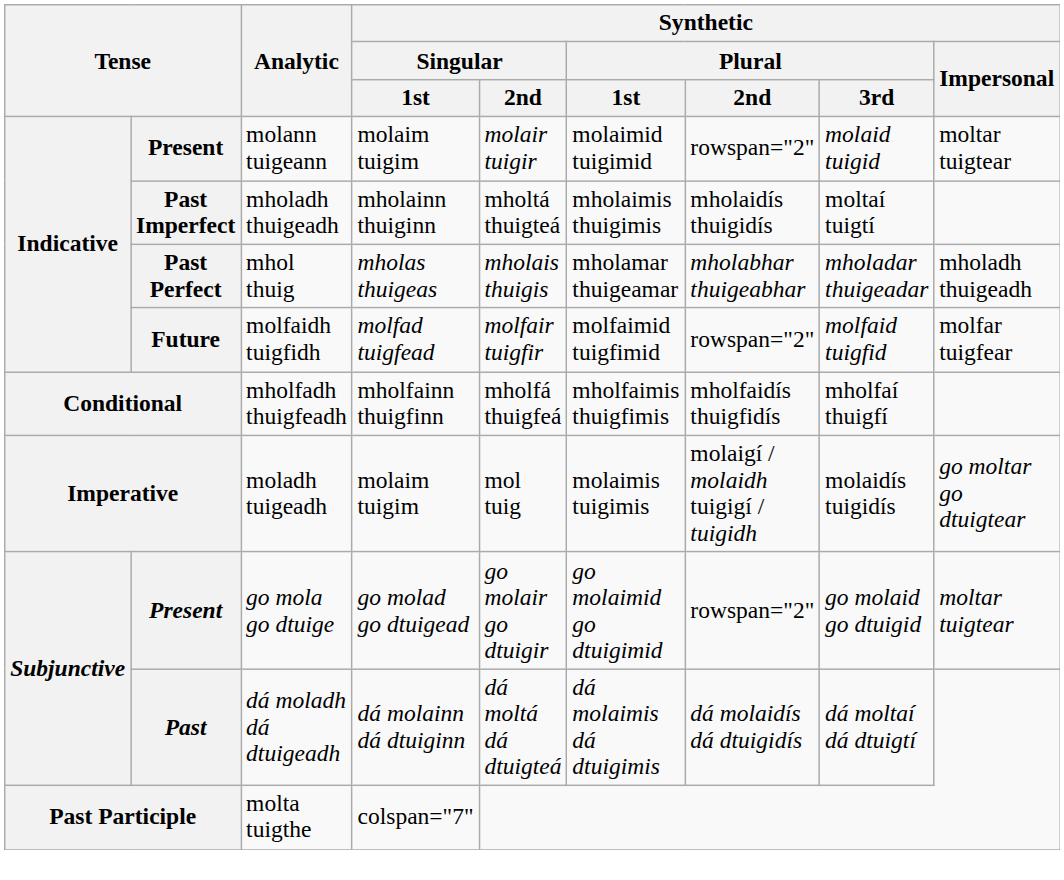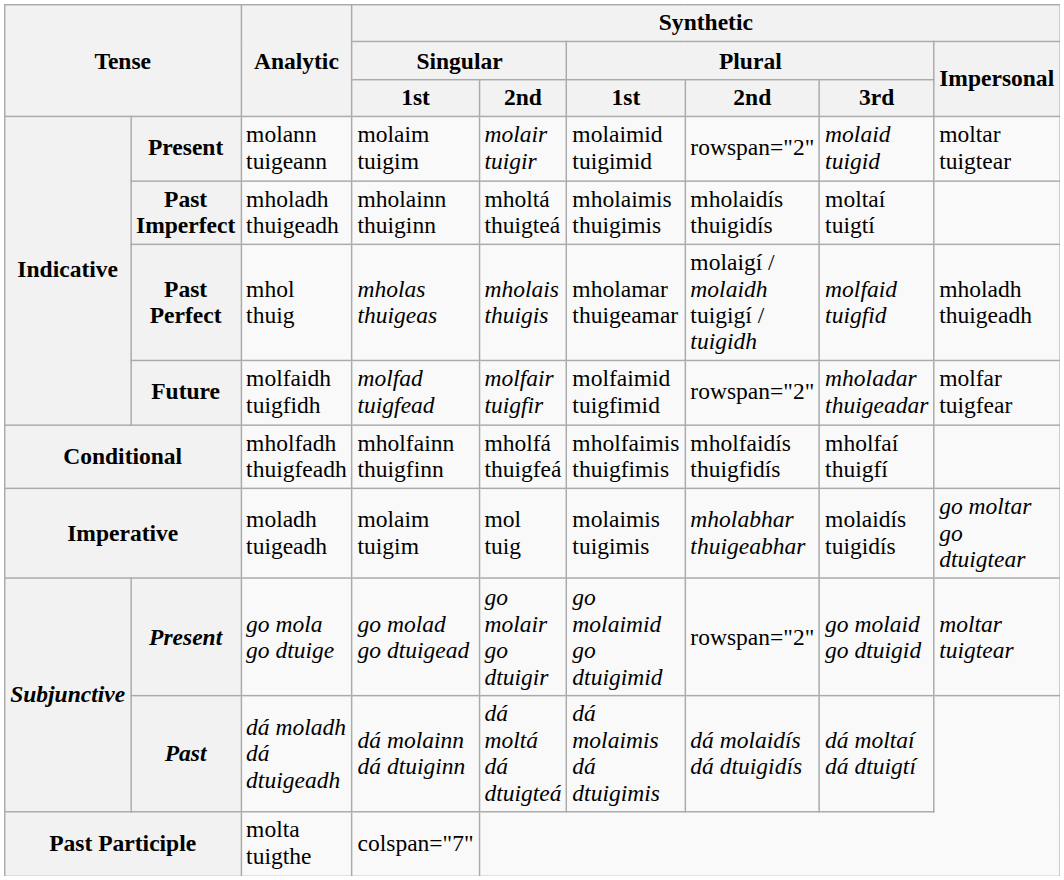 <table class="wikitable mw-collapsible">
 <tr>
 <th colspan="2" rowspan="3">Tense</th>
 <th rowspan="3">Analytic</th>
 <th colspan="6">Synthetic</th>
 </tr>
 <tr>
 <th colspan="2">Singular</th>
 <th colspan="3">Plural</th>
 <th rowspan="2">Impersonal</th>
 </tr>
 <tr>
 <th>1st</th>
 <th>2nd</th>
 <th>1st</th>
 <th>2nd</th>
 <th>3rd</th>
 </tr>
 <tr>
 <th rowspan="4">Indicative</th>
 <th>Present</th>
 <td>molann<br>tuigeann</td>
 <td>molaim<br>tuigim</td>
 <td><em>molair<br>tuigir</em></td>
 <td>molaimid<br>tuigimid</td>
 <td>rowspan="2" </td>
 <td><em>molaid<br>tuigid</em></td>
 <td>moltar<br>tuigtear</td>
 </tr>
 <tr>
 <th>Past<br>Imperfect</th>
 <td>mholadh<br>thuigeadh</td>
 <td>mholainn<br>thuiginn</td>
 <td>mholtá<br>thuigteá</td>
 <td>mholaimis<br>thuigimis</td>
 <td>mholaidís<br>thuigidís</td>
 <td>moltaí<br>tuigtí</td>
 </tr>
 <tr>
 <th>Past<br>Perfect</th>
 <td>mhol<br>thuig</td>
 <td><em>mholas<br>thuigeas</em></td>
 <td><em>mholais<br>thuigis</em></td>
 <td>mholamar<br>thuigeamar</td>
-<td><em>mholabhar<br>thuigeabhar</em></td>
-<td><em>mholadar<br>thuigeadar</em></td>
+<td>molaigí / <em>molaidh</em><br>tuigigí / <em>tuigidh</em></td>
+<td><em>molfaid<br>tuigfid</em></td>
 <td>mholadh<br>thuigeadh</td>
 </tr>
 <tr>
 <th>Future</th>
 <td>molfaidh<br>tuigfidh</td>
 <td><em>molfad<br>tuigfead</em></td>
 <td><em>molfair<br>tuigfir</em></td>
 <td>molfaimid<br>tuigfimid</td>
 <td>rowspan="2" </td>
-<td><em>molfaid<br>tuigfid</em></td>
+<td><em>mholadar<br>thuigeadar</em></td>
 <td>molfar<br>tuigfear</td>
 </tr>
 <tr>
 <th colspan="2">Conditional</th>
 <td>mholfadh<br>thuigfeadh</td>
 <td>mholfainn<br>thuigfinn</td>
 <td>mholfá<br>thuigfeá</td>
 <td>mholfaimis<br>thuigfimis</td>
 <td>mholfaidís<br>thuigfidís</td>
 <td>mholfaí<br>thuigfí</td>
 </tr>
 <tr>
 <th colspan="2">Imperative</th>
 <td>moladh<br>tuigeadh</td>
 <td>molaim<br>tuigim</td>
 <td>mol<br>tuig</td>
 <td>molaimis<br>tuigimis</td>
-<td>molaigí / <em>molaidh</em><br>tuigigí / <em>tuigidh</em></td>
+<td><em>mholabhar<br>thuigeabhar</em></td>
 <td>molaidís<br>tuigidís</td>
 <td><em>go moltar<br>go dtuigtear</em></td>
 </tr>
 <tr>
 <th rowspan="2"><em>Subjunctive</em></th>
 <th><em>Present</em></th>
 <td><em>go mola<br>go dtuige</em></td>
 <td><em>go molad<br>go dtuigead</em></td>
 <td><em>go molair<br>go dtuigir</em></td>
 <td><em>go molaimid<br>go dtuigimid</em></td>
 <td>rowspan="2" </td>
 <td><em>go molaid<br>go dtuigid</em></td>
 <td><em>moltar<br>tuigtear</em></td>
 </tr>
 <tr>
 <th><em>Past</em></th>
 <td><em>dá moladh<br>dá dtuigeadh</em></td>
 <td><em>dá molainn<br>dá dtuiginn</em></td>
 <td><em>dá moltá<br>dá dtuigteá</em></td>
 <td><em>dá molaimis<br>dá dtuigimis</em></td>
 <td><em>dá molaidís<br>dá dtuigidís</em></td>
 <td><em>dá moltaí<br>dá dtuigtí</em></td>
 </tr>
 <tr>
 <th colspan="2">Past Participle</th>
 <td>molta<br>tuigthe</td>
 <td>colspan="7" </td>
 </tr>
 </table>
